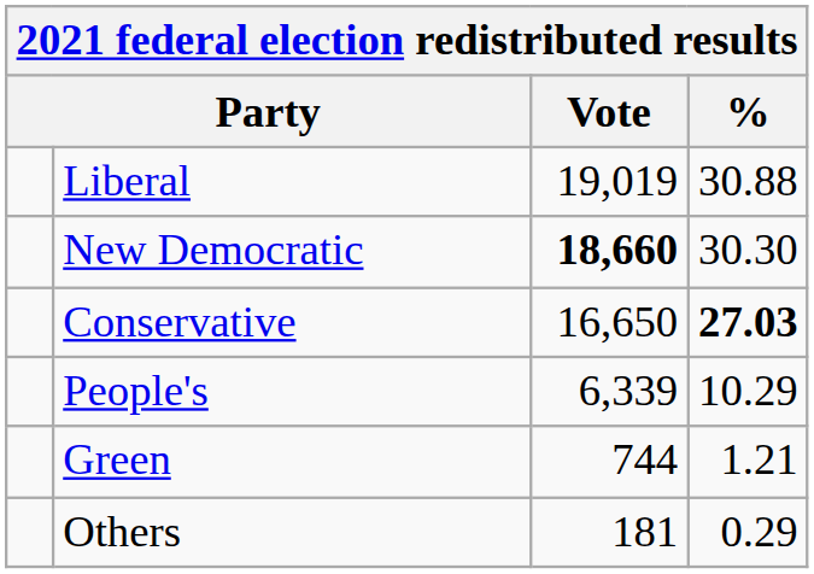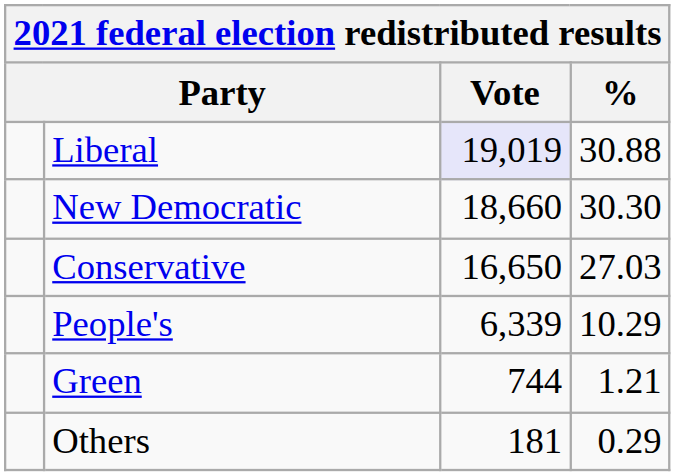 <table class="wikitable">
 <tr>
 <th colspan="4"><a href='#'>2021 federal election</a> redistributed results</th>
 </tr>
 <tr>
 <th bgcolor="#DDDDFF" width="130px" colspan="2">Party</th>
 <th bgcolor="#DDDDFF" width="50px">Vote</th>
 <th bgcolor="#DDDDFF" width="30px">%</th>
 </tr>
 <tr>
 <td> </td>
 <td><a href='#'>Liberal</a></td>
-<td align=right>19,019</td>
+<td align=right style="background: lavender;">19,019</td>
 <td align=right>30.88</td>
 </tr>
 <tr>
 <td> </td>
 <td><a href='#'>New Democratic</a></td>
-<td align=right><strong>18,660</strong></td>
+<td align=right>18,660</td>
 <td align=right>30.30</td>
 </tr>
 <tr>
 <td> </td>
 <td><a href='#'>Conservative</a></td>
 <td align=right>16,650</td>
-<td align=right><strong>27.03</strong></td>
+<td align=right>27.03</td>
 </tr>
 <tr>
 <td> </td>
 <td><a href='#'>People's</a></td>
 <td align=right>6,339</td>
 <td align=right>10.29</td>
 </tr>
 <tr>
 <td> </td>
 <td><a href='#'>Green</a></td>
 <td align=right>744</td>
 <td align=right>1.21</td>
 </tr>
 <tr>
 <td> </td>
 <td>Others</td>
 <td align=right>181</td>
 <td align=right>0.29</td>
 </tr>
 </table>
